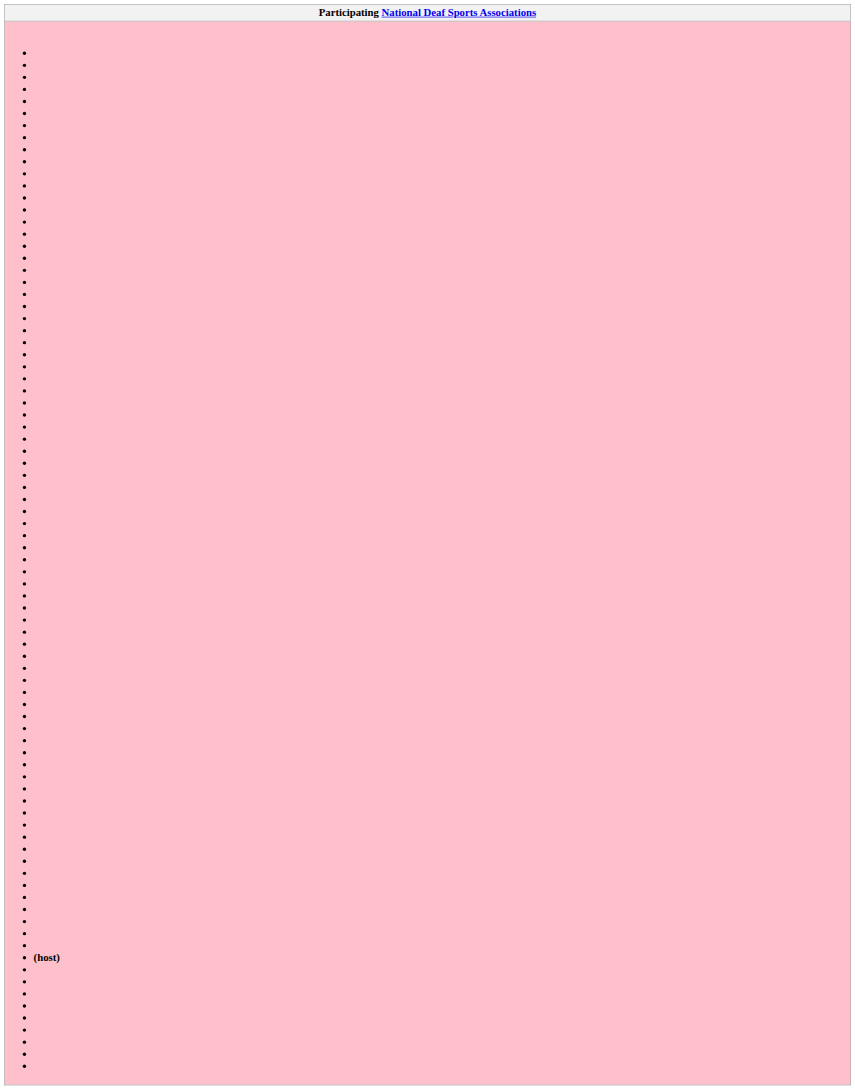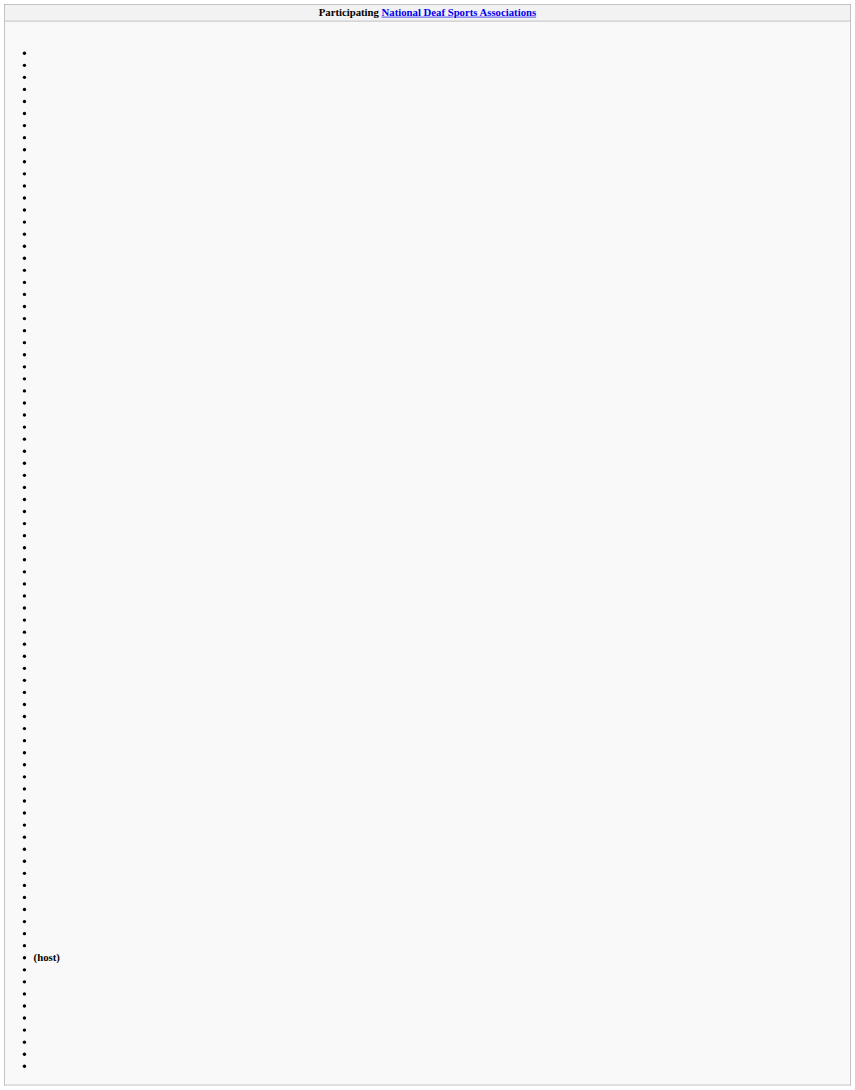 <table class="wikitable collapsible" style="width:100%;">
 <tr>
 <th>Participating <a href='#'>National Deaf Sports Associations</a></th>
 </tr>
 <tr>
-<td style="background: pink;"><br><ul><li></li><li></li><li></li><li></li><li></li><li></li><li></li><li></li><li></li><li></li><li></li><li></li><li></li><li></li><li></li><li></li><li></li><li></li><li></li><li></li><li></li><li></li><li></li><li></li><li></li><li></li><li></li><li></li><li></li><li></li><li></li><li></li><li></li><li></li><li></li><li></li><li></li><li></li><li></li><li></li><li></li><li></li><li></li><li></li><li></li><li></li><li></li><li></li><li></li><li></li><li></li><li></li><li></li><li></li><li></li><li></li><li></li><li></li><li></li><li></li><li></li><li></li><li></li><li></li><li></li><li></li><li></li><li></li><li></li><li></li><li></li><li></li><li></li><li></li><li></li><li> <strong>(host)</strong></li><li></li><li></li><li></li><li></li><li></li><li></li><li></li><li></li><li></li></ul></td>
+<td><br><ul><li></li><li></li><li></li><li></li><li></li><li></li><li></li><li></li><li></li><li></li><li></li><li></li><li></li><li></li><li></li><li></li><li></li><li></li><li></li><li></li><li></li><li></li><li></li><li></li><li></li><li></li><li></li><li></li><li></li><li></li><li></li><li></li><li></li><li></li><li></li><li></li><li></li><li></li><li></li><li></li><li></li><li></li><li></li><li></li><li></li><li></li><li></li><li></li><li></li><li></li><li></li><li></li><li></li><li></li><li></li><li></li><li></li><li></li><li></li><li></li><li></li><li></li><li></li><li></li><li></li><li></li><li></li><li></li><li></li><li></li><li></li><li></li><li></li><li></li><li></li><li> <strong>(host)</strong></li><li></li><li></li><li></li><li></li><li></li><li></li><li></li><li></li><li></li></ul></td>
 </tr>
 </table>
